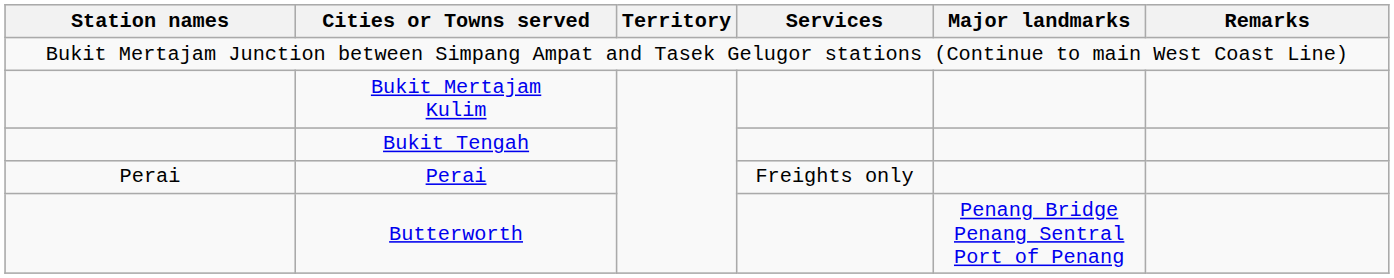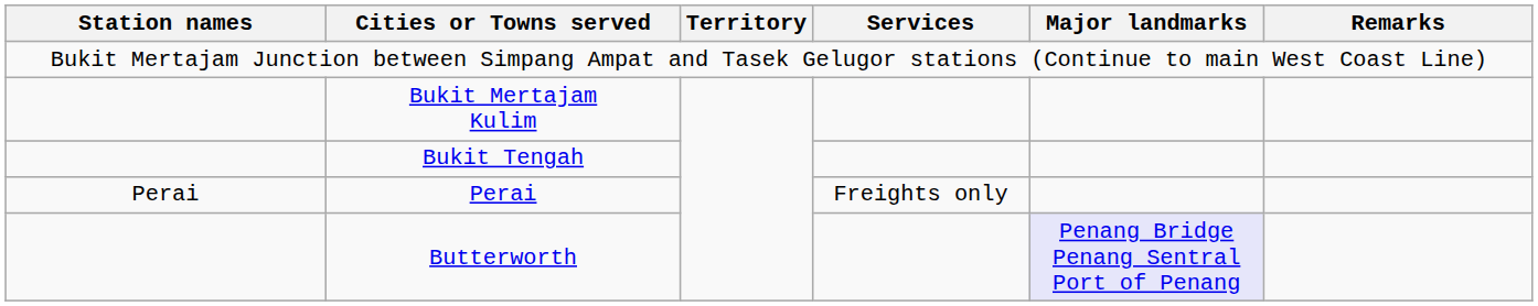 <table class="wikitable"  style="margin:auto;">
 <tr>
 <th style="width:180px;">Station names</th>
 <th style="width:200px;">Cities or Towns served</th>
 <th>Territory</th>
 <th style="width:120px;">Services</th>
 <th style="width:130px;">Major landmarks</th>
 <th style="width:150px;">Remarks</th>
 </tr>
 <tr>
 <td colspan="6" style="text-align:center;">Bukit Mertajam Junction between Simpang Ampat and Tasek Gelugor stations (Continue to main West Coast Line)</td>
 </tr>
 <tr>
 <td style="text-align:center;"></td>
 <td style="text-align:center;"><a href='#'>Bukit Mertajam</a><br><a href='#'>Kulim</a></td>
 <td rowspan="4"></td>
 <td style="text-align:center;">  </td>
 <td></td>
 <td></td>
 </tr>
 <tr>
 <td style="text-align:center;"></td>
 <td style="text-align:center;"><a href='#'>Bukit Tengah</a></td>
 <td style="text-align:center;"> </td>
 <td></td>
 <td></td>
 </tr>
 <tr>
 <td style="text-align:center;">Perai</td>
 <td style="text-align:center;"><a href='#'>Perai</a></td>
 <td style="text-align:center;">Freights only</td>
 <td></td>
 <td></td>
 </tr>
 <tr>
 <td style="text-align:center;"></td>
 <td style="text-align:center;"><a href='#'>Butterworth</a></td>
 <td style="text-align:center;">  </td>
-<td style="text-align:center;"><a href='#'>Penang Bridge</a><br> <a href='#'>Penang Sentral</a><br><a href='#'>Port of Penang</a></td>
+<td style="background: lavender; text-align:center;"><a href='#'>Penang Bridge</a><br> <a href='#'>Penang Sentral</a><br><a href='#'>Port of Penang</a></td>
 <td></td>
 </tr>
 </table>
